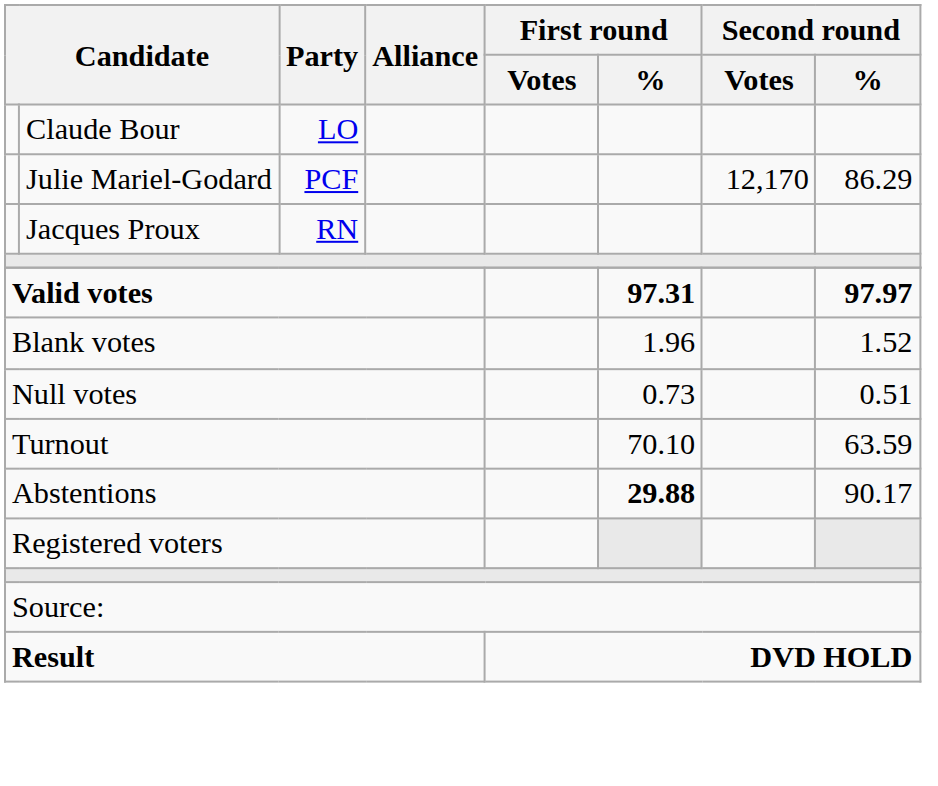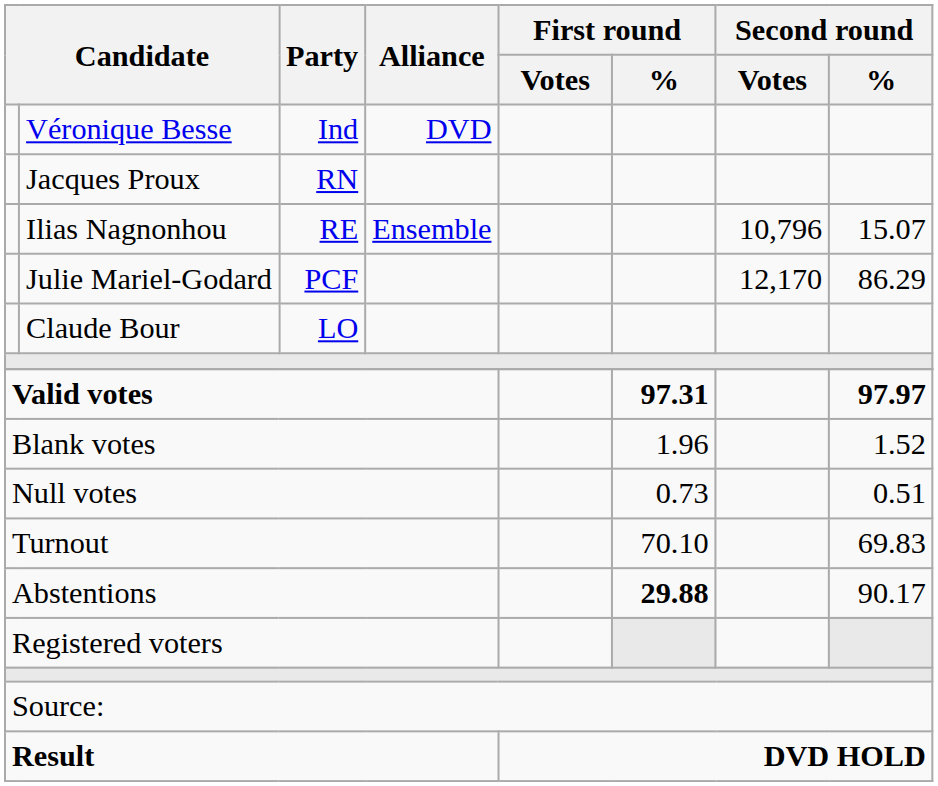 <table class="wikitable" style="text-align:right;font-size:95%;">
 <tr>
 <th colspan="2" rowspan="2">Candidate</th>
 <th colspan="1" rowspan="2">Party</th>
 <th colspan="1" rowspan="2">Alliance</th>
 <th colspan="2">First round</th>
 <th colspan="2">Second round</th>
 </tr>
 <tr>
 <th style="width:50px;">Votes</th>
 <th style="width:45px;">%</th>
 <th style="width:50px;">Votes</th>
 <th style="width:45px;">%</th>
 </tr>
 <tr>
 <td style="color:inherit;background:"></td>
-<td style="text-align:left;">Claude Bour</td>
-<td><a href='#'>LO</a></td>
+<td style="text-align:left;"><a href='#'>Véronique Besse</a></td>
+<td><a href='#'>Ind</a></td>
+<td><a href='#'>DVD</a></td>
+<td></td>
+<td></td>
+<td><strong></strong></td>
+<td><strong></strong></td>
+</tr>
+<tr>
+<td style="color:inherit;background:"></td>
+<td style="text-align:left;">Jacques Proux</td>
+<td><a href='#'>RN</a></td>
 <td></td>
 <td></td>
 <td></td>
 <td></td>
 <td></td>
+</tr>
+<tr>
+<td style="color:inherit;background:"></td>
+<td style="text-align:left;">Ilias Nagnonhou</td>
+<td><a href='#'>RE</a></td>
+<td><a href='#'>Ensemble</a></td>
+<td></td>
+<td></td>
+<td>10,796</td>
+<td>15.07</td>
 </tr>
 <tr>
 <td style="color:inherit;background:"></td>
 <td style="text-align:left;">Julie Mariel-Godard</td>
 <td><a href='#'>PCF</a></td>
 <td></td>
 <td></td>
 <td></td>
 <td>12,170</td>
 <td>86.29</td>
 </tr>
 <tr>
 <td style="color:inherit;background:"></td>
-<td style="text-align:left;">Jacques Proux</td>
-<td><a href='#'>RN</a></td>
+<td style="text-align:left;">Claude Bour</td>
+<td><a href='#'>LO</a></td>
 <td></td>
 <td></td>
 <td></td>
 <td></td>
 <td></td>
 </tr>
 <tr>
 <td colspan="8" style="background:#E9E9E9;"></td>
 </tr>
 <tr>
 </tr>
 <tr style="font-weight:bold;">
 <td colspan="4" style="text-align:left;">Valid votes</td>
 <td></td>
 <td>97.31</td>
 <td></td>
 <td>97.97</td>
 </tr>
 <tr>
 <td colspan="4" style="text-align:left;">Blank votes</td>
 <td></td>
 <td>1.96</td>
 <td></td>
 <td>1.52</td>
 </tr>
 <tr>
 <td colspan="4" style="text-align:left;">Null votes</td>
 <td></td>
 <td>0.73</td>
 <td></td>
 <td>0.51</td>
 </tr>
 <tr>
 <td colspan="4" style="text-align:left;">Turnout</td>
 <td></td>
 <td>70.10</td>
 <td></td>
-<td>63.59</td>
+<td>69.83</td>
 </tr>
 <tr>
 <td colspan="4" style="text-align:left;">Abstentions</td>
 <td></td>
 <td><strong>29.88</strong></td>
 <td></td>
 <td>90.17</td>
 </tr>
 <tr>
 <td colspan="4" style="text-align:left;">Registered voters</td>
 <td></td>
 <td style="background:#E9E9E9;"></td>
 <td></td>
 <td style="background:#E9E9E9;"></td>
 </tr>
 <tr>
 <td colspan="8" style="background:#E9E9E9;"></td>
 </tr>
 <tr>
 <td colspan="8" style="text-align:left;">Source: </td>
 </tr>
 <tr style="font-weight:bold">
 <td colspan="4" style="text-align:left;">Result</td>
 <td colspan="4" style="background-color:">DVD HOLD</td>
 </tr>
 </table>
